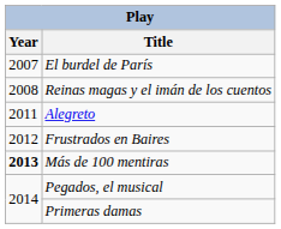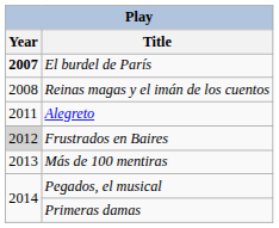 <table class="wikitable" style="font-size: 90%;">
 <tr>
 <th colspan="4" style="background: LightSteelBlue;">Play</th>
 </tr>
 <tr>
 <th>Year</th>
 <th>Title</th>
 </tr>
 <tr>
-<td>2007</td>
+<td><strong>2007</strong></td>
 <td><em>El burdel de París</em></td>
 </tr>
 <tr>
 <td>2008</td>
 <td><em>Reinas magas y el imán de los cuentos</em></td>
 </tr>
 <tr>
 <td>2011</td>
 <td><em><a href='#'>Alegreto</a></em></td>
 </tr>
 <tr>
-<td>2012</td>
+<td style="background: lightgrey;">2012</td>
 <td><em>Frustrados en Baires</em></td>
 </tr>
 <tr>
-<td><strong>2013</strong></td>
+<td>2013</td>
 <td><em>Más de 100 mentiras</em></td>
 </tr>
 <tr>
 <td rowspan=2>2014</td>
 <td><em>Pegados, el musical</em></td>
 </tr>
 <tr>
 <td><em>Primeras damas</em></td>
 </tr>
 </table>
